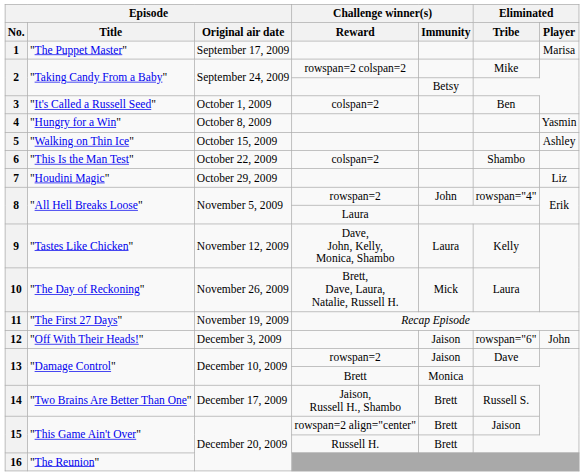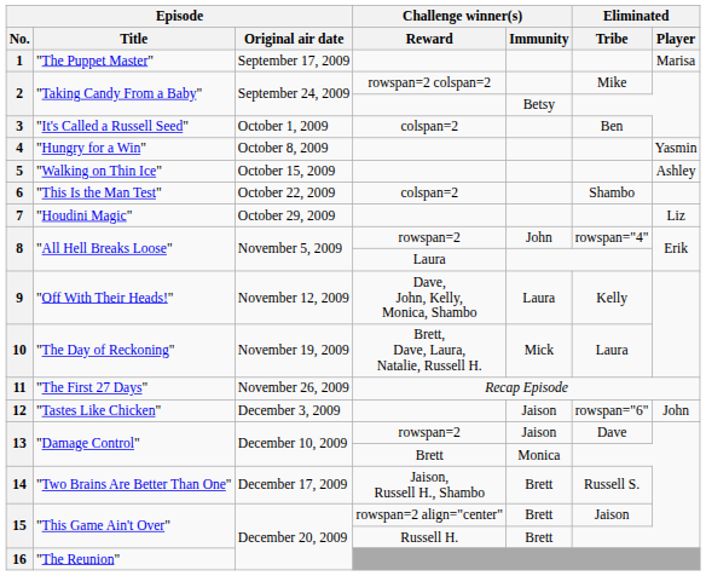 <table class="wikitable" style="margin:auto; text-align:center">
 <tr>
 <th scope="col" colspan="3">Episode</th>
 <th scope="col" colspan="2">Challenge winner(s)</th>
 <th scope="col" colspan="2">Eliminated</th>
 </tr>
 <tr>
 <th scope="col">No.</th>
 <th scope="col">Title</th>
 <th scope="col">Original air date</th>
 <th scope="col">Reward</th>
 <th scope="col">Immunity</th>
 <th scope="col">Tribe</th>
 <th scope="col">Player</th>
 </tr>
 <tr>
 <th>1</th>
 <td align="left">"<a href='#'>The Puppet Master</a>"</td>
 <td align="left">September 17, 2009</td>
 <td></td>
 <td></td>
 <td></td>
 <td>Marisa</td>
 </tr>
 <tr>
 <th rowspan=2>2</th>
 <td rowspan=2 align="left">"<a href='#'>Taking Candy From a Baby</a>"</td>
 <td rowspan=2 align="left">September 24, 2009</td>
 <td>rowspan=2 colspan=2 </td>
 <td></td>
 <td>Mike</td>
 </tr>
 <tr>
 <td></td>
 <td>Betsy</td>
 </tr>
 <tr>
 <th>3</th>
 <td align="left">"<a href='#'>It's Called a Russell Seed</a>"</td>
 <td align="left">October 1, 2009</td>
 <td>colspan=2 </td>
 <td></td>
 <td>Ben</td>
 </tr>
 <tr>
 <th>4</th>
 <td align="left">"<a href='#'>Hungry for a Win</a>"</td>
 <td align="left">October 8, 2009</td>
 <td></td>
 <td></td>
 <td></td>
 <td>Yasmin</td>
 </tr>
 <tr>
 <th>5</th>
 <td align="left">"<a href='#'>Walking on Thin Ice</a>"</td>
 <td align="left">October 15, 2009</td>
 <td></td>
 <td></td>
 <td></td>
 <td>Ashley</td>
 </tr>
 <tr>
 <th>6</th>
 <td align="left">"<a href='#'>This Is the Man Test</a>"</td>
 <td align="left">October 22, 2009</td>
 <td>colspan=2 </td>
 <td></td>
 <td>Shambo</td>
 </tr>
 <tr>
 <th>7</th>
 <td align="left">"<a href='#'>Houdini Magic</a>"</td>
 <td align="left">October 29, 2009</td>
 <td></td>
 <td></td>
 <td></td>
 <td>Liz</td>
 </tr>
 <tr>
 <th rowspan=2>8</th>
 <td rowspan=2 align="left">"<a href='#'>All Hell Breaks Loose</a>"</td>
 <td rowspan=2 align="left">November 5, 2009</td>
 <td>rowspan=2 </td>
 <td>John</td>
 <td>rowspan="4" </td>
 <td rowspan=2>Erik</td>
 </tr>
 <tr>
 <td>Laura</td>
 </tr>
 <tr>
 <th>9</th>
-<td align="left">"<a href='#'>Tastes Like Chicken</a>"</td>
+<td align="left">"<a href='#'>Off With Their Heads!</a>"</td>
 <td align="left">November 12, 2009</td>
 <td>Dave,<br>John, Kelly,<br>Monica, Shambo</td>
 <td>Laura</td>
 <td>Kelly</td>
 </tr>
 <tr>
 <th>10</th>
 <td align="left">"<a href='#'>The Day of Reckoning</a>"</td>
-<td align="left">November 26, 2009</td>
+<td align="left">November 19, 2009</td>
 <td>Brett,<br>Dave, Laura,<br>Natalie, Russell H.</td>
 <td>Mick</td>
 <td>Laura</td>
 </tr>
 <tr>
 <th>11</th>
 <td align="left">"<a href='#'>The First 27 Days</a>"</td>
-<td align="left">November 19, 2009</td>
+<td align="left">November 26, 2009</td>
 <td colspan="4"><em>Recap Episode</em></td>
 </tr>
 <tr>
 <th>12</th>
-<td align="left">"<a href='#'>Off With Their Heads!</a>"</td>
+<td align="left">"<a href='#'>Tastes Like Chicken</a>"</td>
 <td align="left">December 3, 2009</td>
 <td></td>
 <td>Jaison</td>
 <td>rowspan="6" </td>
 <td>John</td>
 </tr>
 <tr>
 <th rowspan=2>13</th>
 <td rowspan=2 align="left">"<a href='#'>Damage Control</a>"</td>
 <td rowspan=2 align="left">December 10, 2009</td>
 <td>rowspan=2 </td>
 <td>Jaison</td>
 <td>Dave</td>
 </tr>
 <tr>
 <td>Brett</td>
 <td>Monica</td>
 </tr>
 <tr>
 <th>14</th>
 <td align="left">"<a href='#'>Two Brains Are Better Than One</a>"</td>
 <td align="left">December 17, 2009</td>
 <td>Jaison,<br>Russell H., Shambo</td>
 <td>Brett</td>
 <td>Russell S.</td>
 </tr>
 <tr>
 <th rowspan=2>15</th>
 <td rowspan=2 align="left">"<a href='#'>This Game Ain't Over</a>"</td>
 <td rowspan="3" align="left">December 20, 2009</td>
 <td>rowspan=2 align="center" </td>
 <td>Brett</td>
 <td>Jaison</td>
 </tr>
 <tr>
 <td>Russell H.</td>
 <td>Brett</td>
 </tr>
 <tr>
 <th>16</th>
 <td align="left">"<a href='#'>The Reunion</a>"</td>
 <td colspan="4" bgcolor="darkgray"></td>
 </tr>
 </table>
